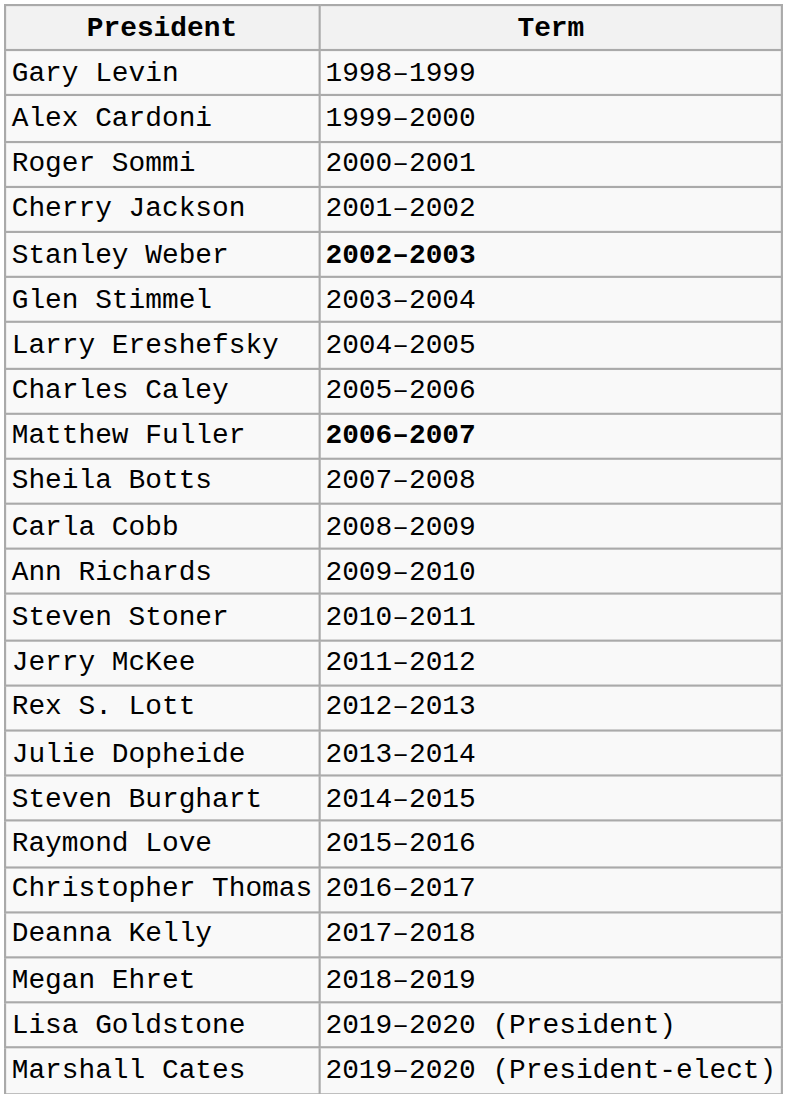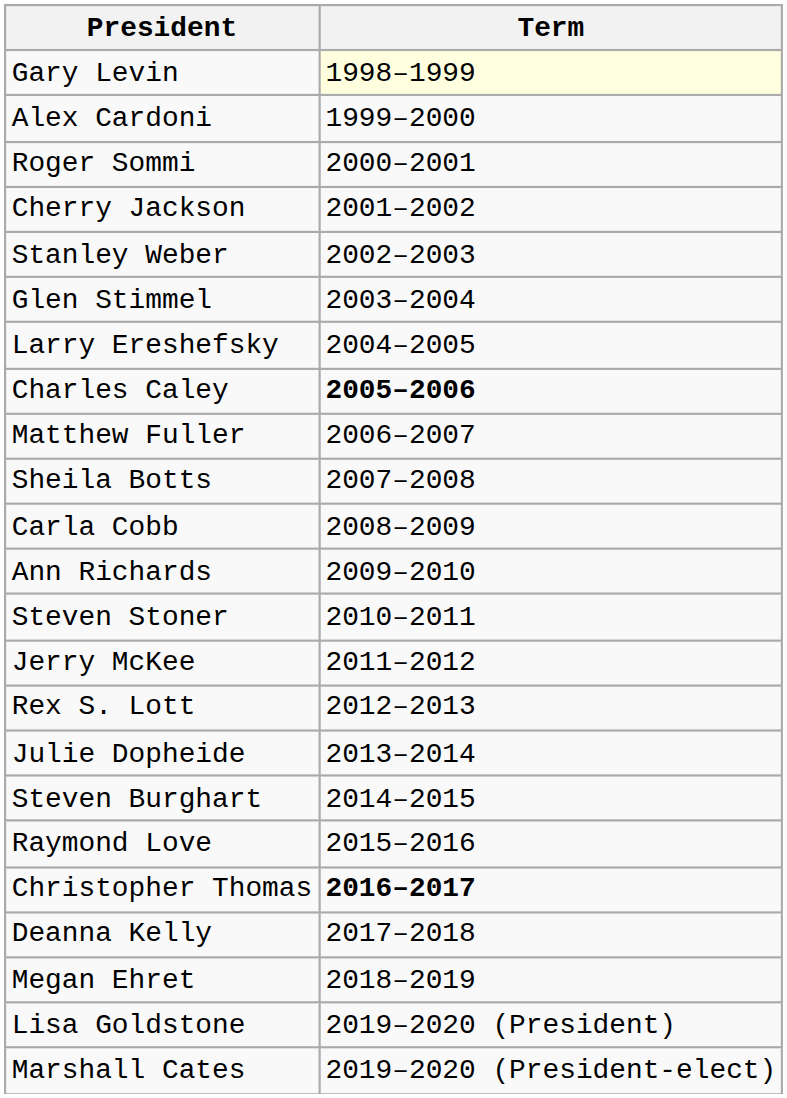 <table class="wikitable">
 <tr>
 <th>President</th>
 <th>Term</th>
 </tr>
 <tr>
 <td>Gary Levin</td>
-<td>1998–1999</td>
+<td style="background: lightyellow;">1998–1999</td>
 </tr>
 <tr>
 <td>Alex Cardoni</td>
 <td>1999–2000</td>
 </tr>
 <tr>
 <td>Roger Sommi</td>
 <td>2000–2001</td>
 </tr>
 <tr>
 <td>Cherry Jackson</td>
 <td>2001–2002</td>
 </tr>
 <tr>
 <td>Stanley Weber</td>
-<td><strong>2002–2003</strong></td>
+<td>2002–2003</td>
 </tr>
 <tr>
 <td>Glen Stimmel</td>
 <td>2003–2004</td>
 </tr>
 <tr>
 <td>Larry Ereshefsky</td>
 <td>2004–2005</td>
 </tr>
 <tr>
 <td>Charles Caley</td>
-<td>2005–2006</td>
+<td><strong>2005–2006</strong></td>
 </tr>
 <tr>
 <td>Matthew Fuller</td>
-<td><strong>2006–2007</strong></td>
+<td>2006–2007</td>
 </tr>
 <tr>
 <td>Sheila Botts</td>
 <td>2007–2008</td>
 </tr>
 <tr>
 <td>Carla Cobb</td>
 <td>2008–2009</td>
 </tr>
 <tr>
 <td>Ann Richards</td>
 <td>2009–2010</td>
 </tr>
 <tr>
 <td>Steven Stoner</td>
 <td>2010–2011</td>
 </tr>
 <tr>
 <td>Jerry McKee</td>
 <td>2011–2012</td>
 </tr>
 <tr>
 <td>Rex S. Lott</td>
 <td>2012–2013</td>
 </tr>
 <tr>
 <td>Julie Dopheide</td>
 <td>2013–2014</td>
 </tr>
 <tr>
 <td>Steven Burghart</td>
 <td>2014–2015</td>
 </tr>
 <tr>
 <td>Raymond Love</td>
 <td>2015–2016</td>
 </tr>
 <tr>
 <td>Christopher Thomas</td>
-<td>2016–2017</td>
+<td><strong>2016–2017</strong></td>
 </tr>
 <tr>
 <td>Deanna Kelly</td>
 <td>2017–2018 </td>
 </tr>
 <tr>
 <td>Megan Ehret</td>
 <td>2018–2019</td>
 </tr>
 <tr>
 <td>Lisa Goldstone</td>
 <td>2019–2020 (President)</td>
 </tr>
 <tr>
 <td>Marshall Cates</td>
 <td>2019–2020 (President-elect)</td>
 </tr>
 </table>
